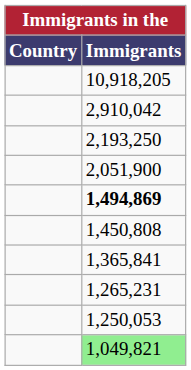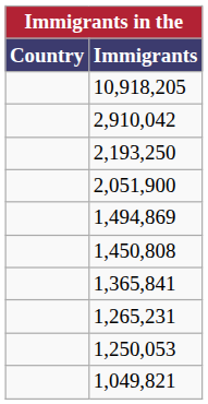 <table class="wikitable" style="text-align:left; float:right;">
 <tr>
 <td colspan="5" style="background:#B22234; color:white;" align=center><strong>Immigrants in the  <a href='#'></a></strong></td>
 </tr>
 <tr>
 <th scope="col" style="background:#3C3B6E; color:#FFFFFF">Country</th>
 <th scope="col" style="background:#3C3B6E; color:#FFFFFF">Immigrants</th>
 </tr>
 <tr>
 <td></td>
 <td>10,918,205</td>
 </tr>
 <tr>
 <td></td>
 <td>2,910,042</td>
 </tr>
 <tr>
 <td></td>
 <td>2,193,250</td>
 </tr>
 <tr>
 <td></td>
 <td>2,051,900</td>
 </tr>
 <tr>
 <td></td>
-<td><strong>1,494,869</strong></td>
+<td>1,494,869</td>
 </tr>
 <tr>
 <td></td>
 <td>1,450,808</td>
 </tr>
 <tr>
 <td></td>
 <td>1,365,841</td>
 </tr>
 <tr>
 <td></td>
 <td>1,265,231</td>
 </tr>
 <tr>
 <td></td>
 <td>1,250,053</td>
 </tr>
 <tr>
 <td></td>
-<td style="background: lightgreen;">1,049,821</td>
+<td>1,049,821</td>
 </tr>
 </table>
